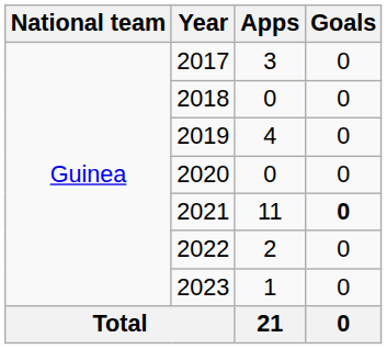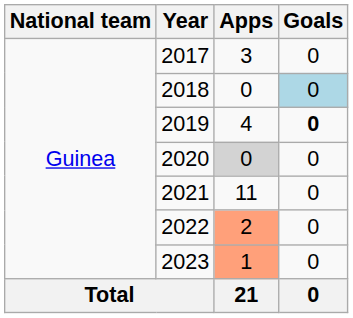 <table class="wikitable" style="text-align:center">
 <tr>
 <th>National team</th>
 <th>Year</th>
 <th>Apps</th>
 <th>Goals</th>
 </tr>
 <tr>
 <td rowspan="7"><a href='#'>Guinea</a></td>
 <td>2017</td>
 <td>3</td>
 <td>0</td>
 </tr>
 <tr>
 <td>2018</td>
 <td>0</td>
-<td>0</td>
+<td style="background: lightblue;">0</td>
 </tr>
 <tr>
 <td>2019</td>
 <td>4</td>
-<td>0</td>
+<td><strong>0</strong></td>
 </tr>
 <tr>
 <td>2020</td>
-<td>0</td>
+<td style="background: lightgrey;">0</td>
 <td>0</td>
 </tr>
 <tr>
 <td>2021</td>
 <td>11</td>
-<td><strong>0</strong></td>
+<td>0</td>
 </tr>
 <tr>
 <td>2022</td>
-<td>2</td>
+<td style="background: lightsalmon;">2</td>
 <td>0</td>
 </tr>
 <tr>
 <td>2023</td>
-<td>1</td>
+<td style="background: lightsalmon;">1</td>
 <td>0</td>
 </tr>
 <tr>
 <th colspan=2>Total</th>
 <th>21</th>
 <th>0</th>
 </tr>
 </table>
